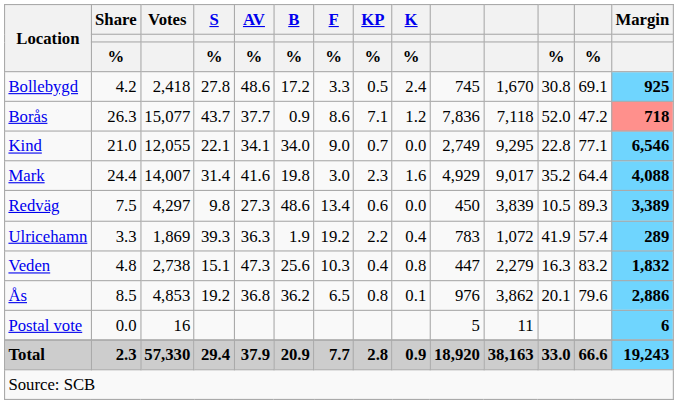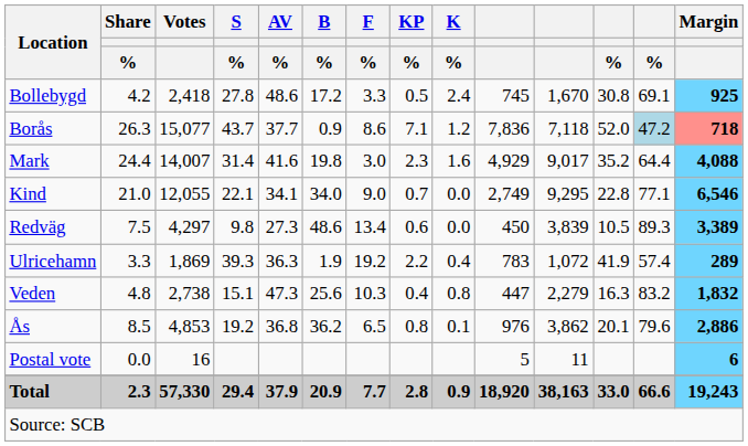 <table class="wikitable sortable" style="text-align:right; font-size:95%; line-height:20px;">
 <tr>
 <th rowspan="3">Location</th>
 <th>Share</th>
 <th>Votes</th>
 <th width="30px" class="unsortable"><a href='#'>S</a></th>
 <th width="30px" class="unsortable"><a href='#'>AV</a></th>
 <th width="30px" class="unsortable"><a href='#'>B</a></th>
 <th width="30px" class="unsortable"><a href='#'>F</a></th>
 <th width="30px" class="unsortable"><a href='#'>KP</a></th>
 <th width="30px" class="unsortable"><a href='#'>K</a></th>
 <th></th>
 <th></th>
 <th></th>
 <th></th>
 <th>Margin</th>
 </tr>
 <tr>
 <th></th>
 <th></th>
 <th style="background:"></th>
 <th style="background:"></th>
 <th style="background:"></th>
 <th style="background:"></th>
 <th style="background:"></th>
 <th style="background:"></th>
 <th style="background:"></th>
 <th style="background:"></th>
 <th style="background:"></th>
 <th style="background:"></th>
 <th></th>
 </tr>
 <tr>
 <th data-sort-type="number">%</th>
 <th></th>
 <th data-sort-type="number">%</th>
 <th data-sort-type="number">%</th>
 <th data-sort-type="number">%</th>
 <th data-sort-type="number">%</th>
 <th data-sort-type="number">%</th>
 <th data-sort-type="number">%</th>
 <th></th>
 <th></th>
 <th data-sort-type="number">%</th>
 <th data-sort-type="number">%</th>
 <th></th>
 </tr>
 <tr>
 <td align=left><a href='#'>Bollebygd</a></td>
 <td>4.2</td>
 <td>2,418</td>
 <td>27.8</td>
 <td>48.6</td>
 <td>17.2</td>
 <td>3.3</td>
 <td>0.5</td>
 <td>2.4</td>
 <td>745</td>
 <td>1,670</td>
 <td>30.8</td>
 <td>69.1</td>
 <td bgcolor=#6fd5fe><strong>925</strong></td>
 </tr>
 <tr>
 <td align=left><a href='#'>Borås</a></td>
 <td>26.3</td>
 <td>15,077</td>
 <td>43.7</td>
 <td>37.7</td>
 <td>0.9</td>
 <td>8.6</td>
 <td>7.1</td>
 <td>1.2</td>
 <td>7,836</td>
 <td>7,118</td>
 <td>52.0</td>
-<td>47.2</td>
+<td style="background: lightblue;">47.2</td>
 <td bgcolor=#ff908c><strong>718</strong></td>
+</tr>
+<tr>
+<td align=left><a href='#'>Mark</a></td>
+<td>24.4</td>
+<td>14,007</td>
+<td>31.4</td>
+<td>41.6</td>
+<td>19.8</td>
+<td>3.0</td>
+<td>2.3</td>
+<td>1.6</td>
+<td>4,929</td>
+<td>9,017</td>
+<td>35.2</td>
+<td>64.4</td>
+<td bgcolor=#6fd5fe><strong>4,088</strong></td>
 </tr>
 <tr>
 <td align=left><a href='#'>Kind</a></td>
 <td>21.0</td>
 <td>12,055</td>
 <td>22.1</td>
 <td>34.1</td>
 <td>34.0</td>
 <td>9.0</td>
 <td>0.7</td>
 <td>0.0</td>
 <td>2,749</td>
 <td>9,295</td>
 <td>22.8</td>
 <td>77.1</td>
 <td bgcolor=#6fd5fe><strong>6,546</strong></td>
-</tr>
-<tr>
-<td align=left><a href='#'>Mark</a></td>
-<td>24.4</td>
-<td>14,007</td>
-<td>31.4</td>
-<td>41.6</td>
-<td>19.8</td>
-<td>3.0</td>
-<td>2.3</td>
-<td>1.6</td>
-<td>4,929</td>
-<td>9,017</td>
-<td>35.2</td>
-<td>64.4</td>
-<td bgcolor=#6fd5fe><strong>4,088</strong></td>
 </tr>
 <tr>
 <td align=left><a href='#'>Redväg</a></td>
 <td>7.5</td>
 <td>4,297</td>
 <td>9.8</td>
 <td>27.3</td>
 <td>48.6</td>
 <td>13.4</td>
 <td>0.6</td>
 <td>0.0</td>
 <td>450</td>
 <td>3,839</td>
 <td>10.5</td>
 <td>89.3</td>
 <td bgcolor=#6fd5fe><strong>3,389</strong></td>
 </tr>
 <tr>
 <td align=left><a href='#'>Ulricehamn</a></td>
 <td>3.3</td>
 <td>1,869</td>
 <td>39.3</td>
 <td>36.3</td>
 <td>1.9</td>
 <td>19.2</td>
 <td>2.2</td>
 <td>0.4</td>
 <td>783</td>
 <td>1,072</td>
 <td>41.9</td>
 <td>57.4</td>
 <td bgcolor=#6fd5fe><strong>289</strong></td>
 </tr>
 <tr>
 <td align=left><a href='#'>Veden</a></td>
 <td>4.8</td>
 <td>2,738</td>
 <td>15.1</td>
 <td>47.3</td>
 <td>25.6</td>
 <td>10.3</td>
 <td>0.4</td>
 <td>0.8</td>
 <td>447</td>
 <td>2,279</td>
 <td>16.3</td>
 <td>83.2</td>
 <td bgcolor=#6fd5fe><strong>1,832</strong></td>
 </tr>
 <tr>
 <td align=left><a href='#'>Ås</a></td>
 <td>8.5</td>
 <td>4,853</td>
 <td>19.2</td>
 <td>36.8</td>
 <td>36.2</td>
 <td>6.5</td>
 <td>0.8</td>
 <td>0.1</td>
 <td>976</td>
 <td>3,862</td>
 <td>20.1</td>
 <td>79.6</td>
 <td bgcolor=#6fd5fe><strong>2,886</strong></td>
 </tr>
 <tr>
 <td align=left><a href='#'>Postal vote</a></td>
 <td>0.0</td>
 <td>16</td>
 <td></td>
 <td></td>
 <td></td>
 <td></td>
 <td></td>
 <td></td>
 <td>5</td>
 <td>11</td>
 <td></td>
 <td></td>
 <td bgcolor=#6fd5fe><strong>6</strong></td>
 </tr>
 <tr>
 </tr>
 <tr style="background:#CDCDCD;">
 <td align=left><strong>Total</strong></td>
 <td><strong>2.3</strong></td>
 <td><strong>57,330</strong></td>
 <td><strong>29.4</strong></td>
 <td><strong>37.9</strong></td>
 <td><strong>20.9</strong></td>
 <td><strong>7.7</strong></td>
 <td><strong>2.8</strong></td>
 <td><strong>0.9</strong></td>
 <td><strong>18,920</strong></td>
 <td><strong>38,163</strong></td>
 <td><strong>33.0</strong></td>
 <td><strong>66.6</strong></td>
 <td bgcolor=#6fd5fe><strong>19,243</strong></td>
 </tr>
 <tr>
 <td align=left colspan=14>Source: SCB </td>
 </tr>
 </table>
